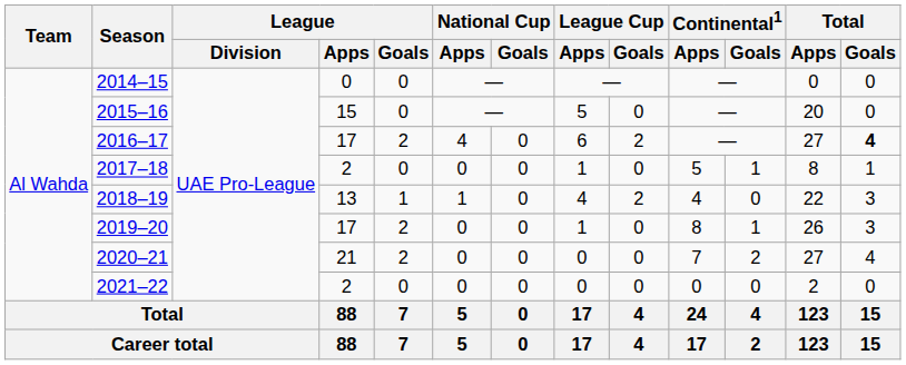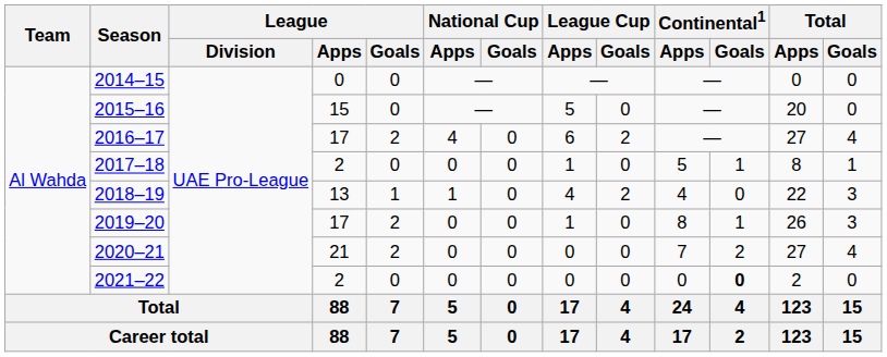 <table class="wikitable" style=text-align:center>
 <tr>
 <th rowspan=2>Team</th>
 <th rowspan=2>Season</th>
 <th colspan=3>League</th>
 <th colspan=2>National Cup</th>
 <th colspan=2>League Cup</th>
 <th colspan=2>Continental<sup>1</sup></th>
 <th colspan=2>Total</th>
 </tr>
 <tr>
 <th>Division</th>
 <th>Apps</th>
 <th>Goals</th>
 <th>Apps</th>
 <th>Goals</th>
 <th>Apps</th>
 <th>Goals</th>
 <th>Apps</th>
 <th>Goals</th>
 <th>Apps</th>
 <th>Goals</th>
 </tr>
 <tr>
 <td rowspan="8"><a href='#'>Al Wahda</a></td>
 <td><a href='#'>2014–15</a></td>
 <td rowspan="8"><a href='#'>UAE Pro-League</a></td>
 <td>0</td>
 <td>0</td>
 <td colspan="2">—</td>
 <td colspan="2">—</td>
 <td colspan="2">—</td>
 <td>0</td>
 <td>0</td>
 </tr>
 <tr>
 <td><a href='#'>2015–16</a></td>
 <td>15</td>
 <td>0</td>
 <td colspan="2">—</td>
 <td>5</td>
 <td>0</td>
 <td colspan="2">—</td>
 <td>20</td>
 <td>0</td>
 </tr>
 <tr>
 <td><a href='#'>2016–17</a></td>
 <td>17</td>
 <td>2</td>
 <td>4</td>
 <td>0</td>
 <td>6</td>
 <td>2</td>
 <td colspan="2">—</td>
 <td>27</td>
-<td><strong>4</strong></td>
+<td>4</td>
 </tr>
 <tr>
 <td><a href='#'>2017–18</a></td>
 <td>2</td>
 <td>0</td>
 <td>0</td>
 <td>0</td>
 <td>1</td>
 <td>0</td>
 <td>5</td>
 <td>1</td>
 <td>8</td>
 <td>1</td>
 </tr>
 <tr>
 <td><a href='#'>2018–19</a></td>
 <td>13</td>
 <td>1</td>
 <td>1</td>
 <td>0</td>
 <td>4</td>
 <td>2</td>
 <td>4</td>
 <td>0</td>
 <td>22</td>
 <td>3</td>
 </tr>
 <tr>
 <td><a href='#'>2019–20</a></td>
 <td>17</td>
 <td>2</td>
 <td>0</td>
 <td>0</td>
 <td>1</td>
 <td>0</td>
 <td>8</td>
 <td>1</td>
 <td>26</td>
 <td>3</td>
 </tr>
 <tr>
 <td><a href='#'>2020–21</a></td>
 <td>21</td>
 <td>2</td>
 <td>0</td>
 <td>0</td>
 <td>0</td>
 <td>0</td>
 <td>7</td>
 <td>2</td>
 <td>27</td>
 <td>4</td>
 </tr>
 <tr>
 <td><a href='#'>2021–22</a></td>
 <td>2</td>
 <td>0</td>
 <td>0</td>
 <td>0</td>
 <td>0</td>
 <td>0</td>
 <td>0</td>
-<td>0</td>
+<td><strong>0</strong></td>
 <td>2</td>
 <td>0</td>
 </tr>
 <tr>
 <th colspan=3>Total</th>
 <th>88</th>
 <th>7</th>
 <th>5</th>
 <th>0</th>
 <th>17</th>
 <th>4</th>
 <th>24</th>
 <th>4</th>
 <th>123</th>
 <th>15</th>
 </tr>
 <tr>
 <th colspan="3" align=center>Career total</th>
 <th>88</th>
 <th>7</th>
 <th>5</th>
 <th>0</th>
 <th>17</th>
 <th>4</th>
 <th>17</th>
 <th>2</th>
 <th>123</th>
 <th>15</th>
 </tr>
 </table>
